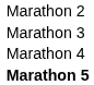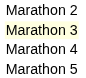 <table>
 <tr>
 <td>Marathon 2<br></td>
 <td></td>
 <td></td>
 <td></td>
 </tr>
 <tr>
-<td>Marathon 3<br></td>
+<td style="background: lightyellow;">Marathon 3<br></td>
 <td></td>
 <td></td>
 <td></td>
 </tr>
 <tr>
 <td>Marathon 4<br></td>
 <td></td>
 <td></td>
 <td></td>
 </tr>
 <tr>
-<td><strong>Marathon 5<br></strong></td>
+<td>Marathon 5<br></td>
 <td></td>
 <td></td>
 <td></td>
 </tr>
 <tr>
 </tr>
 </table>
